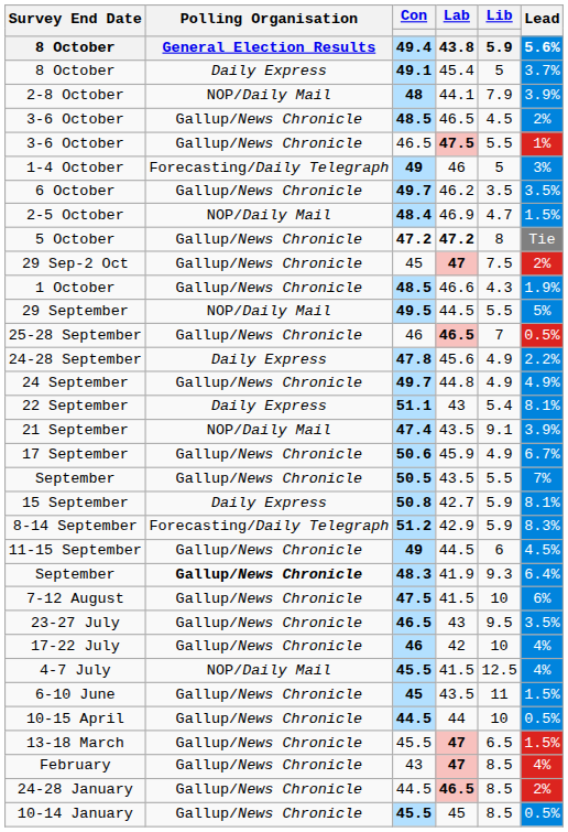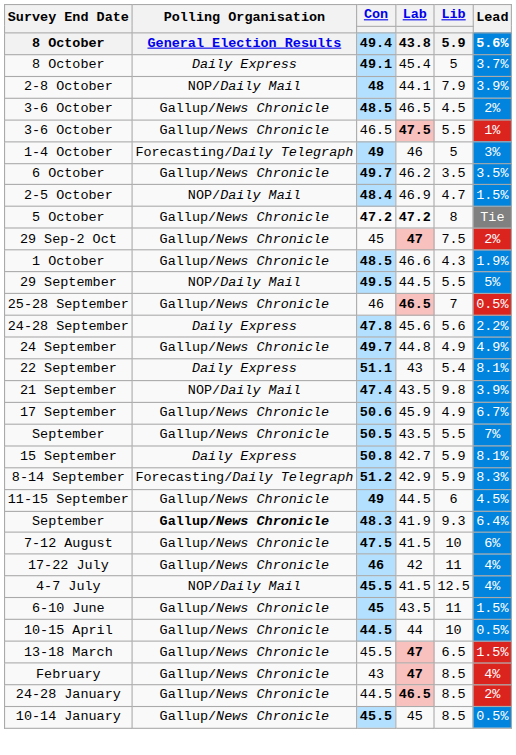 <table class="wikitable" style="text-align: center; line-height: 14px; font-size: 95%;">
 <tr>
 <th rowspan="2">Survey End Date</th>
 <th rowspan="2">Polling Organisation</th>
 <th><a href='#'>Con</a></th>
 <th><a href='#'>Lab</a></th>
 <th><a href='#'>Lib</a></th>
 <th rowspan="2" class="unsortable" style="width:20px;">Lead</th>
 </tr>
 <tr>
 <th style="background:"></th>
 <th style="background:"></th>
 <th style="background:"></th>
 </tr>
 <tr>
 <th>8 October</th>
 <th><a href='#'>General Election Results</a></th>
 <th style="background:#B3E0FF"><strong>49.4</strong></th>
 <th>43.8</th>
 <th>5.9</th>
 <th style="background:#0084dd; color:white;">5.6%</th>
 </tr>
 <tr>
 <td>8 October</td>
 <td><em>Daily Express</em></td>
 <td style="background:#B3E0FF"><strong>49.1</strong></td>
 <td>45.4</td>
 <td>5</td>
 <td style="background:#0084dd; color:white;">3.7%</td>
 </tr>
 <tr>
 <td>2-8 October</td>
 <td>NOP/<em>Daily Mail</em></td>
 <td style="background:#B3E0FF"><strong>48</strong></td>
 <td>44.1</td>
 <td>7.9</td>
 <td style="background:#0084dd; color:white;">3.9%</td>
 </tr>
 <tr>
 <td>3-6 October</td>
 <td>Gallup/<em>News Chronicle</em></td>
 <td style="background:#B3E0FF"><strong>48.5</strong></td>
 <td>46.5</td>
 <td>4.5</td>
 <td style="background:#0084dd; color:white;">2%</td>
 </tr>
 <tr>
 <td>3-6 October</td>
 <td>Gallup/<em>News Chronicle</em></td>
 <td>46.5</td>
 <td style="background:#F8C1BE"><strong>47.5</strong></td>
 <td>5.5</td>
 <td style="background:#DC241f; color:white;">1%</td>
 </tr>
 <tr>
 <td>1-4 October</td>
 <td>Forecasting/<em>Daily Telegraph</em></td>
 <td style="background:#B3E0FF"><strong>49</strong></td>
 <td>46</td>
 <td>5</td>
 <td style="background:#0084dd; color:white;">3%</td>
 </tr>
 <tr>
 <td>6 October</td>
 <td>Gallup/<em>News Chronicle</em></td>
 <td style="background:#B3E0FF"><strong>49.7</strong></td>
 <td>46.2</td>
 <td>3.5</td>
 <td style="background:#0084dd; color:white;">3.5%</td>
 </tr>
 <tr>
 <td>2-5 October</td>
 <td>NOP/<em>Daily Mail</em></td>
 <td style="background:#B3E0FF"><strong>48.4</strong></td>
 <td>46.9</td>
 <td>4.7</td>
 <td style="background:#0084dd; color:white;">1.5%</td>
 </tr>
 <tr>
 <td>5 October</td>
 <td>Gallup/<em>News Chronicle</em></td>
 <td><strong>47.2</strong></td>
 <td><strong>47.2</strong></td>
 <td>8</td>
 <td style="background:grey; color:white;">Tie</td>
 </tr>
 <tr>
 <td>29 Sep-2 Oct</td>
 <td>Gallup/<em>News Chronicle</em></td>
 <td>45</td>
 <td style="background:#F8C1BE"><strong>47</strong></td>
 <td>7.5</td>
 <td style="background:#DC241f; color:white;">2%</td>
 </tr>
 <tr>
 <td>1 October</td>
 <td>Gallup/<em>News Chronicle</em></td>
 <td style="background:#B3E0FF"><strong>48.5</strong></td>
 <td>46.6</td>
 <td>4.3</td>
 <td style="background:#0084dd; color:white;">1.9%</td>
 </tr>
 <tr>
 <td>29 September</td>
 <td>NOP/<em>Daily Mail</em></td>
 <td style="background:#B3E0FF"><strong>49.5</strong></td>
 <td>44.5</td>
 <td>5.5</td>
 <td style="background:#0084dd; color:white;">5%</td>
 </tr>
 <tr>
 <td>25-28 September</td>
 <td>Gallup/<em>News Chronicle</em></td>
 <td>46</td>
 <td style="background:#F8C1BE"><strong>46.5</strong></td>
 <td>7</td>
 <td style="background:#DC241f; color:white;">0.5%</td>
 </tr>
 <tr>
 <td>24-28 September</td>
 <td><em>Daily Express</em></td>
 <td style="background:#B3E0FF"><strong>47.8</strong></td>
 <td>45.6</td>
-<td>4.9</td>
+<td>5.6</td>
 <td style="background:#0084dd; color:white;">2.2%</td>
 </tr>
 <tr>
 <td>24 September</td>
 <td>Gallup/<em>News Chronicle</em></td>
 <td style="background:#B3E0FF"><strong>49.7</strong></td>
 <td>44.8</td>
 <td>4.9</td>
 <td style="background:#0084dd; color:white;">4.9%</td>
 </tr>
 <tr>
 <td>22 September</td>
 <td><em>Daily Express</em></td>
 <td style="background:#B3E0FF"><strong>51.1</strong></td>
 <td>43</td>
 <td>5.4</td>
 <td style="background:#0084dd; color:white;">8.1%</td>
 </tr>
 <tr>
 <td>21 September</td>
 <td>NOP/<em>Daily Mail</em></td>
 <td style="background:#B3E0FF"><strong>47.4</strong></td>
 <td>43.5</td>
-<td>9.1</td>
+<td>9.8</td>
 <td style="background:#0084dd; color:white;">3.9%</td>
 </tr>
 <tr>
 <td>17 September</td>
 <td>Gallup/<em>News Chronicle</em></td>
 <td style="background:#B3E0FF"><strong>50.6</strong></td>
 <td>45.9</td>
 <td>4.9</td>
 <td style="background:#0084dd; color:white;">6.7%</td>
 </tr>
 <tr>
 <td>September</td>
 <td>Gallup/<em>News Chronicle</em></td>
 <td style="background:#B3E0FF"><strong>50.5</strong></td>
 <td>43.5</td>
 <td>5.5</td>
 <td style="background:#0084dd; color:white;">7%</td>
 </tr>
 <tr>
 <td>15 September</td>
 <td><em>Daily Express</em></td>
 <td style="background:#B3E0FF"><strong>50.8</strong></td>
 <td>42.7</td>
 <td>5.9</td>
 <td style="background:#0084dd; color:white;">8.1%</td>
 </tr>
 <tr>
 <td>8-14 September</td>
 <td>Forecasting/<em>Daily Telegraph</em></td>
 <td style="background:#B3E0FF"><strong>51.2</strong></td>
 <td>42.9</td>
 <td>5.9</td>
 <td style="background:#0084dd; color:white;">8.3%</td>
 </tr>
 <tr>
 <td>11-15 September</td>
 <td>Gallup/<em>News Chronicle</em></td>
 <td style="background:#B3E0FF"><strong>49</strong></td>
 <td>44.5</td>
 <td>6</td>
 <td style="background:#0084dd; color:white;">4.5%</td>
 </tr>
 <tr>
 <td>September</td>
 <td><strong>Gallup/<em>News Chronicle</em></strong></td>
 <td style="background:#B3E0FF"><strong>48.3</strong></td>
 <td>41.9</td>
 <td>9.3</td>
 <td style="background:#0084dd; color:white;">6.4%</td>
 </tr>
 <tr>
 <td>7-12 August</td>
 <td>Gallup/<em>News Chronicle</em></td>
 <td style="background:#B3E0FF"><strong>47.5</strong></td>
 <td>41.5</td>
 <td>10</td>
 <td style="background:#0084dd; color:white;">6%</td>
 </tr>
 <tr>
-<td>23-27 July</td>
-<td>Gallup/<em>News Chronicle</em></td>
-<td style="background:#B3E0FF"><strong>46.5</strong></td>
-<td>43</td>
-<td>9.5</td>
-<td style="background:#0084dd; color:white;">3.5%</td>
-</tr>
-<tr>
 <td>17-22 July</td>
 <td>Gallup/<em>News Chronicle</em></td>
 <td style="background:#B3E0FF"><strong>46</strong></td>
 <td>42</td>
-<td>10</td>
+<td>11</td>
 <td style="background:#0084dd; color:white;">4%</td>
 </tr>
 <tr>
 <td>4-7 July</td>
 <td>NOP/<em>Daily Mail</em></td>
 <td style="background:#B3E0FF"><strong>45.5</strong></td>
 <td>41.5</td>
 <td>12.5</td>
 <td style="background:#0084dd; color:white;">4%</td>
 </tr>
 <tr>
 <td>6-10 June</td>
 <td>Gallup/<em>News Chronicle</em></td>
 <td style="background:#B3E0FF"><strong>45</strong></td>
 <td>43.5</td>
 <td>11</td>
 <td style="background:#0084dd; color:white;">1.5%</td>
 </tr>
 <tr>
 <td>10-15 April</td>
 <td>Gallup/<em>News Chronicle</em></td>
 <td style="background:#B3E0FF"><strong>44.5</strong></td>
 <td>44</td>
 <td>10</td>
 <td style="background:#0084dd; color:white;">0.5%</td>
 </tr>
 <tr>
 <td>13-18 March</td>
 <td>Gallup/<em>News Chronicle</em></td>
 <td>45.5</td>
 <td style="background:#F8C1BE"><strong>47</strong></td>
 <td>6.5</td>
 <td style="background:#DC241f; color:white;">1.5%</td>
 </tr>
 <tr>
 <td>February</td>
 <td>Gallup/<em>News Chronicle</em></td>
 <td>43</td>
 <td style="background:#F8C1BE"><strong>47</strong></td>
 <td>8.5</td>
 <td style="background:#DC241f; color:white;">4%</td>
 </tr>
 <tr>
 <td>24-28 January</td>
 <td>Gallup/<em>News Chronicle</em></td>
 <td>44.5</td>
 <td style="background:#F8C1BE"><strong>46.5</strong></td>
 <td>8.5</td>
 <td style="background:#DC241f; color:white;">2%</td>
 </tr>
 <tr>
 <td>10-14 January</td>
 <td>Gallup/<em>News Chronicle</em></td>
 <td style="background:#B3E0FF"><strong>45.5</strong></td>
 <td>45</td>
 <td>8.5</td>
 <td style="background:#0084dd; color:white;">0.5%</td>
 </tr>
 </table>
